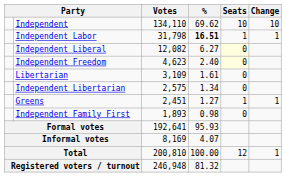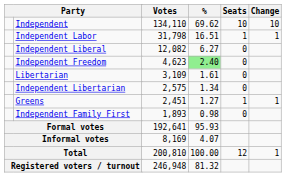 <table class="wikitable" style="text-align:right; margin-bottom:0">
 <tr>
 <th colspan="3" style="width:10px">Party</th>
 <th style="width:70px;">Votes</th>
 <th style="width:40px;">%</th>
 <th style="width:40px;">Seats</th>
 <th style="width:40px;">Change</th>
 </tr>
 <tr>
 <td> </td>
 <td colspan="2" style="text-align:left;"><a href='#'>Independent</a></td>
 <td style="width:70px;">134,110</td>
 <td style="width:40px;">69.62</td>
 <td style="width:40px;">10</td>
 <td style="width:40px;"> 10</td>
 </tr>
 <tr>
 <td> </td>
 <td colspan="2" style="text-align:left;"><a href='#'>Independent Labor</a></td>
 <td>31,798</td>
-<td><strong>16.51</strong></td>
+<td>16.51</td>
 <td>1</td>
 <td> 1</td>
 </tr>
 <tr>
 <td> </td>
 <td colspan="2" style="text-align:left;"><a href='#'>Independent Liberal</a></td>
 <td>12,082</td>
 <td>6.27</td>
-<td style="background: lightyellow;">0</td>
+<td>0</td>
 <td></td>
 </tr>
 <tr>
 <td> </td>
 <td colspan="2" style="text-align:left;"><a href='#'>Independent Freedom</a></td>
 <td>4,623</td>
-<td>2.40</td>
-<td style="background: lightyellow;">0</td>
+<td style="background: lightgreen;">2.40</td>
+<td>0</td>
 <td></td>
 </tr>
 <tr>
 <td> </td>
 <td colspan="2" style="text-align:left;"><a href='#'>Libertarian</a></td>
 <td>3,109</td>
 <td>1.61</td>
 <td>0</td>
 <td></td>
 </tr>
 <tr>
 <td> </td>
 <td colspan="2" style="text-align:left;"><a href='#'>Independent Libertarian</a></td>
 <td>2,575</td>
 <td>1.34</td>
 <td>0</td>
 <td></td>
 </tr>
 <tr>
 <td> </td>
 <td colspan="2" style="text-align:left;"><a href='#'>Greens</a></td>
 <td>2,451</td>
 <td>1.27</td>
 <td>1</td>
 <td> 1</td>
 </tr>
 <tr>
 <td> </td>
 <td colspan="2" style="text-align:left;"><a href='#'>Independent Family First</a></td>
 <td>1,893</td>
 <td>0.98</td>
 <td>0</td>
 <td></td>
 </tr>
 <tr>
 <th colspan="3" rowspan="1"> Formal votes</th>
 <td>192,641</td>
 <td>95.93</td>
 <td></td>
 <td></td>
 </tr>
 <tr>
 <th colspan="3" rowspan="1"> Informal votes</th>
 <td>8,169</td>
 <td>4.07</td>
 <td></td>
 <td></td>
 </tr>
 <tr>
 <th colspan="3" rowspan="1"> Total</th>
 <td>200,810</td>
 <td>100.00</td>
 <td>12</td>
 <td> 1</td>
 </tr>
 <tr>
 <th colspan="3" rowspan="1"> Registered voters / turnout</th>
 <td>246,948</td>
 <td>81.32</td>
 <td></td>
 <td></td>
 </tr>
 </table>
